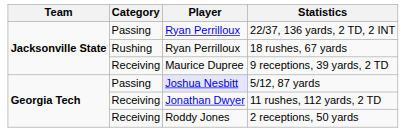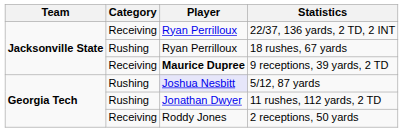 <table class="wikitable" style="float: right;">
 <tr>
 <th>Team</th>
 <th>Category</th>
 <th>Player</th>
 <th>Statistics</th>
 </tr>
 <tr>
 <td rowspan=3><strong>Jacksonville State</strong></td>
-<td>Passing</td>
+<td>Receiving</td>
 <td><a href='#'>Ryan Perrilloux</a></td>
 <td>22/37, 136 yards, 2 TD, 2 INT</td>
 </tr>
 <tr>
 <td>Rushing</td>
 <td>Ryan Perrilloux</td>
 <td>18 rushes, 67 yards</td>
 </tr>
 <tr>
 <td>Receiving</td>
-<td>Maurice Dupree</td>
+<td><strong>Maurice Dupree</strong></td>
 <td>9 receptions, 39 yards, 2 TD</td>
 </tr>
 <tr>
 <td rowspan=3><strong>Georgia Tech</strong></td>
-<td>Passing</td>
+<td>Rushing</td>
 <td style="background: lavender;"><a href='#'>Joshua Nesbitt</a></td>
 <td>5/12, 87 yards</td>
 </tr>
 <tr>
-<td>Receiving</td>
+<td>Rushing</td>
 <td><a href='#'>Jonathan Dwyer</a></td>
 <td>11 rushes, 112 yards, 2 TD</td>
 </tr>
 <tr>
 <td>Receiving</td>
 <td>Roddy Jones</td>
 <td>2 receptions, 50 yards</td>
 </tr>
 </table>
